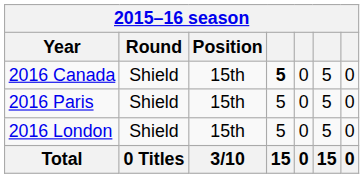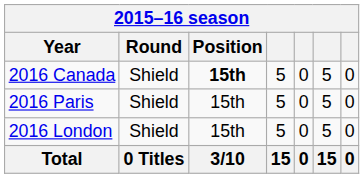 <table class="wikitable" style="text-align: center;">
 <tr>
 <th colspan=10><a href='#'>2015–16 season</a></th>
 </tr>
 <tr>
 <th>Year</th>
 <th>Round</th>
 <th>Position</th>
 <th></th>
 <th></th>
 <th></th>
 <th></th>
 </tr>
 <tr>
 <td align=left> <a href='#'>2016 Canada</a></td>
 <td>Shield</td>
-<td>15th</td>
-<td><strong>5</strong></td>
+<td><strong>15th</strong></td>
+<td>5</td>
 <td>0</td>
 <td>5</td>
 <td>0</td>
 </tr>
 <tr>
 <td align=left> <a href='#'>2016 Paris</a></td>
 <td>Shield</td>
 <td>15th</td>
 <td>5</td>
 <td>0</td>
 <td>5</td>
 <td>0</td>
 </tr>
 <tr>
 <td align=left> <a href='#'>2016 London</a></td>
 <td>Shield</td>
 <td>15th</td>
 <td>5</td>
 <td>0</td>
 <td>5</td>
 <td>0</td>
 </tr>
 <tr>
 <th>Total</th>
 <th>0 Titles</th>
 <th>3/10</th>
 <th>15</th>
 <th>0</th>
 <th>15</th>
 <th>0</th>
 </tr>
 </table>
